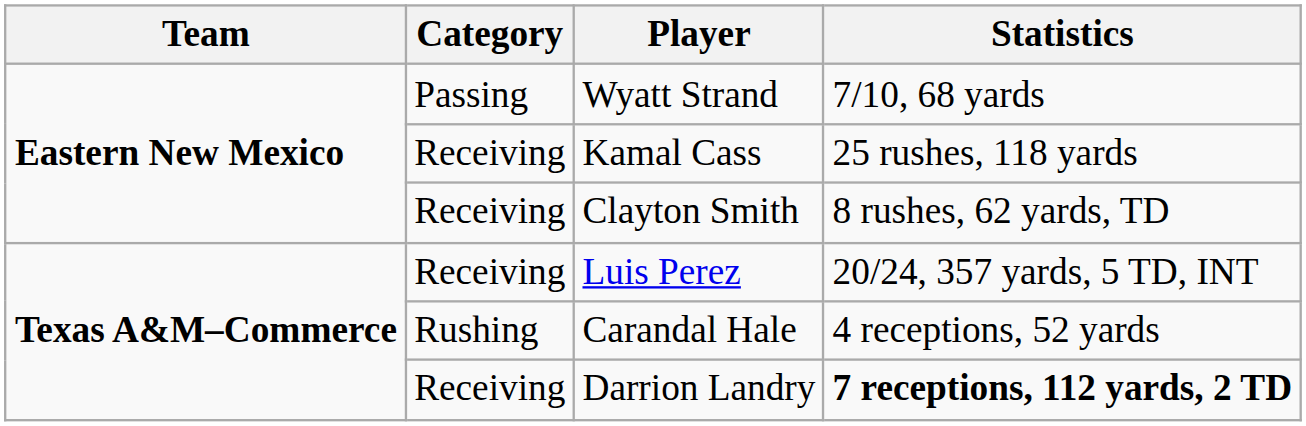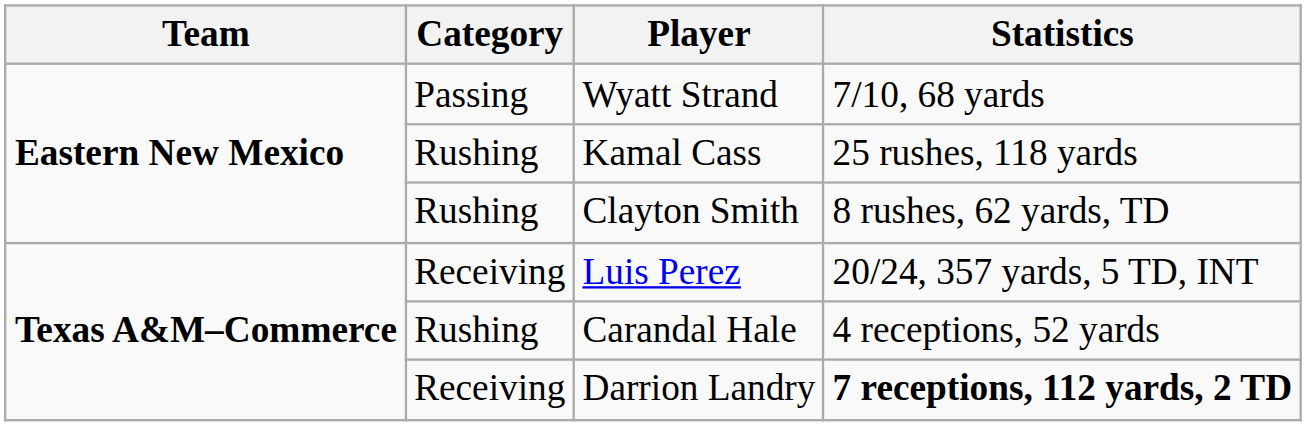 <table class="wikitable" style="float: right;">
 <tr>
 <th>Team</th>
 <th>Category</th>
 <th>Player</th>
 <th>Statistics</th>
 </tr>
 <tr>
 <td rowspan=3><strong>Eastern New Mexico</strong></td>
 <td>Passing</td>
 <td>Wyatt Strand</td>
 <td>7/10, 68 yards</td>
 </tr>
 <tr>
-<td>Receiving</td>
+<td>Rushing</td>
 <td>Kamal Cass</td>
 <td>25 rushes, 118 yards</td>
 </tr>
 <tr>
-<td>Receiving</td>
+<td>Rushing</td>
 <td>Clayton Smith</td>
 <td>8 rushes, 62 yards, TD</td>
 </tr>
 <tr>
 <td rowspan=3><strong>Texas A&M–Commerce</strong></td>
 <td>Receiving</td>
 <td><a href='#'>Luis Perez</a></td>
 <td>20/24, 357 yards, 5 TD, INT</td>
 </tr>
 <tr>
 <td>Rushing</td>
 <td>Carandal Hale</td>
 <td>4 receptions, 52 yards</td>
 </tr>
 <tr>
 <td>Receiving</td>
 <td>Darrion Landry</td>
 <td><strong>7 receptions, 112 yards, 2 TD</strong></td>
 </tr>
 </table>
